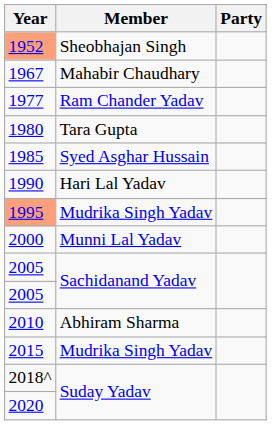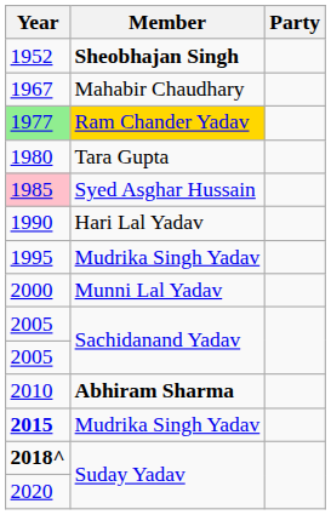 <table class="wikitable sortable">
 <tr>
 <th>Year</th>
 <th>Member</th>
 <th colspan="2">Party</th>
 </tr>
 <tr>
-<td style="background: lightsalmon;"><a href='#'>1952</a></td>
-<td>Sheobhajan Singh</td>
+<td><a href='#'>1952</a></td>
+<td><strong>Sheobhajan Singh</strong></td>
 <td></td>
 </tr>
 <tr>
 <td><a href='#'>1967</a></td>
 <td>Mahabir Chaudhary</td>
 <td></td>
 </tr>
 <tr>
-<td><a href='#'>1977</a></td>
-<td><a href='#'>Ram Chander Yadav</a></td>
+<td style="background: lightgreen;"><a href='#'>1977</a></td>
+<td style="background: gold;"><a href='#'>Ram Chander Yadav</a></td>
 <td></td>
 </tr>
 <tr>
 <td><a href='#'>1980</a></td>
 <td>Tara Gupta</td>
 <td></td>
 </tr>
 <tr>
-<td><a href='#'>1985</a></td>
+<td style="background: pink;"><a href='#'>1985</a></td>
 <td><a href='#'>Syed Asghar Hussain</a></td>
 <td></td>
 </tr>
 <tr>
 <td><a href='#'>1990</a></td>
 <td>Hari Lal Yadav</td>
 <td></td>
 </tr>
 <tr>
-<td style="background: lightsalmon;"><a href='#'>1995</a></td>
+<td><a href='#'>1995</a></td>
 <td><a href='#'>Mudrika Singh Yadav</a></td>
 <td></td>
 </tr>
 <tr>
 <td><a href='#'>2000</a></td>
 <td><a href='#'>Munni Lal Yadav</a></td>
 <td></td>
 </tr>
 <tr>
 <td><a href='#'>2005</a></td>
 <td rowspan="2"><a href='#'>Sachidanand Yadav</a></td>
 </tr>
 <tr>
 <td><a href='#'>2005</a></td>
 </tr>
 <tr>
 <td><a href='#'>2010</a></td>
-<td>Abhiram Sharma</td>
+<td><strong>Abhiram Sharma</strong></td>
 <td></td>
 </tr>
 <tr>
-<td><a href='#'>2015</a></td>
+<td><strong><a href='#'>2015</a></strong></td>
 <td><a href='#'>Mudrika Singh Yadav</a></td>
 <td></td>
 </tr>
 <tr>
-<td>2018^</td>
+<td><strong>2018^</strong></td>
 <td rowspan="2"><a href='#'>Suday Yadav</a></td>
 </tr>
 <tr>
 <td><a href='#'>2020</a></td>
 </tr>
 </table>
